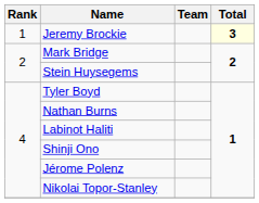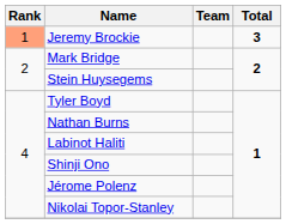 <table class="wikitable" style="text-align:center;">
 <tr>
 <th width=30>Rank</th>
 <th width=170>Name</th>
 <th width=25>Team</th>
 <th width=50>Total</th>
 </tr>
 <tr>
-<td>1</td>
+<td style="background: lightsalmon;">1</td>
 <td align=left> <a href='#'>Jeremy Brockie</a></td>
 <td></td>
-<td style="background: lightyellow;"><strong>3</strong></td>
+<td><strong>3</strong></td>
 </tr>
 <tr>
 <td rowspan=2>2</td>
 <td align=left> <a href='#'>Mark Bridge</a></td>
 <td></td>
 <td rowspan=2><strong>2</strong></td>
 </tr>
 <tr>
 <td align=left> <a href='#'>Stein Huysegems</a></td>
 <td></td>
 </tr>
 <tr>
 <td rowspan=6>4</td>
 <td align=left> <a href='#'>Tyler Boyd</a></td>
 <td></td>
 <td rowspan=6><strong>1</strong></td>
 </tr>
 <tr>
 <td align=left> <a href='#'>Nathan Burns</a></td>
 <td></td>
 </tr>
 <tr>
 <td align=left> <a href='#'>Labinot Haliti</a></td>
 <td></td>
 </tr>
 <tr>
 <td align=left> <a href='#'>Shinji Ono</a></td>
 <td></td>
 </tr>
 <tr>
 <td align=left> <a href='#'>Jérome Polenz</a></td>
 <td></td>
 </tr>
 <tr>
 <td align=left> <a href='#'>Nikolai Topor-Stanley</a></td>
 <td></td>
 </tr>
 <tr>
 </tr>
 </table>
